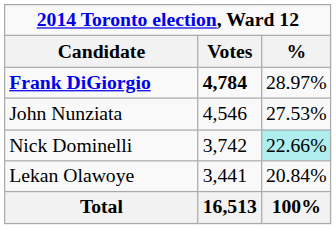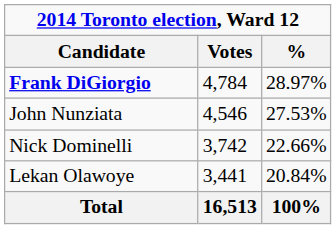 <table class="wikitable">
 <tr>
 <td Colspan="3" align="center"><strong><a href='#'>2014 Toronto election</a>, Ward 12</strong></td>
 </tr>
 <tr>
 <th width="150px">Candidate</th>
 <th>Votes</th>
 <th>%</th>
 </tr>
 <tr>
 <td><strong><a href='#'>Frank DiGiorgio</a></strong></td>
-<td><strong>4,784</strong></td>
+<td>4,784</td>
 <td>28.97%</td>
 </tr>
 <tr>
 <td>John Nunziata</td>
 <td>4,546</td>
 <td>27.53%</td>
 </tr>
 <tr>
 <td>Nick Dominelli</td>
 <td>3,742</td>
-<td style="background: paleturquoise;">22.66%</td>
+<td>22.66%</td>
 </tr>
 <tr>
 <td>Lekan Olawoye</td>
 <td>3,441</td>
 <td>20.84%</td>
 </tr>
 <tr>
 <th>Total</th>
 <th>16,513</th>
 <th>100%</th>
 </tr>
 </table>
